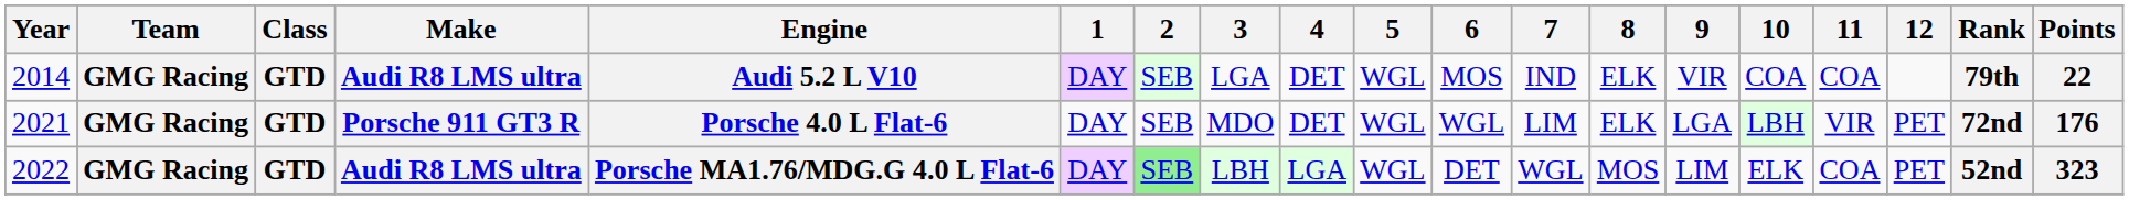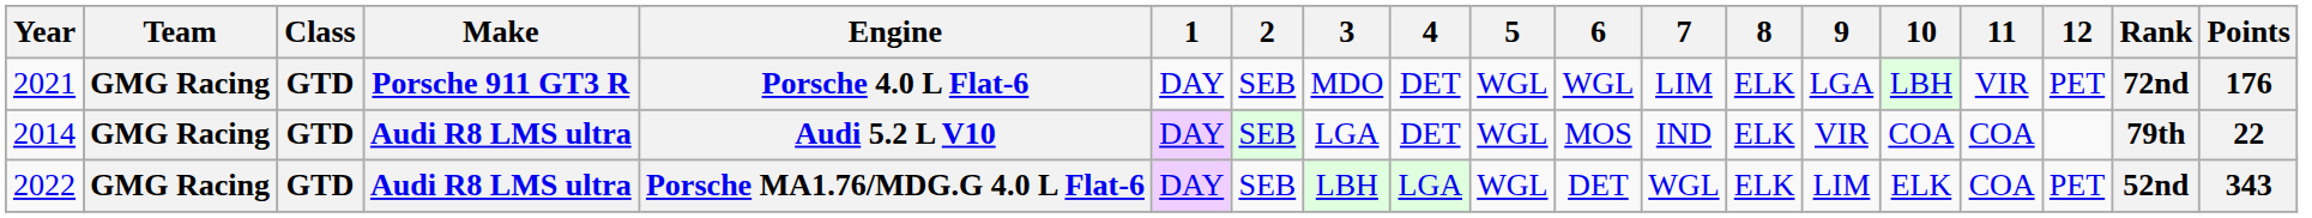 <table class="wikitable" style="text-align:center; font-size:90%">
 <tr>
 <th>Year</th>
 <th>Team</th>
 <th>Class</th>
 <th>Make</th>
 <th>Engine</th>
 <th>1</th>
 <th>2</th>
 <th>3</th>
 <th>4</th>
 <th>5</th>
 <th>6</th>
 <th>7</th>
 <th>8</th>
 <th>9</th>
 <th>10</th>
 <th>11</th>
 <th>12</th>
 <th>Rank</th>
 <th>Points</th>
 </tr>
 <tr>
+<td><a href='#'>2021</a></td>
+<th>GMG Racing</th>
+<th>GTD</th>
+<th><a href='#'>Porsche 911 GT3 R</a></th>
+<th><a href='#'>Porsche</a> 4.0 L <a href='#'>Flat-6</a></th>
+<td style="background:#;"><a href='#'>DAY</a><br></td>
+<td style="background:#;"><a href='#'>SEB</a><br></td>
+<td style="background:#;"><a href='#'>MDO</a><br></td>
+<td style="background:#;"><a href='#'>DET</a><br></td>
+<td style="background:#;"><a href='#'>WGL</a><br></td>
+<td style="background:#;"><a href='#'>WGL</a><br></td>
+<td style="background:#;"><a href='#'>LIM</a><br></td>
+<td style="background:#;"><a href='#'>ELK</a><br></td>
+<td style="background:#;"><a href='#'>LGA</a><br></td>
+<td style="background:#DFFFDF;"><a href='#'>LBH</a><br></td>
+<td style="background:#;"><a href='#'>VIR</a><br></td>
+<td style="background:#;"><a href='#'>PET</a><br></td>
+<th>72nd</th>
+<th>176</th>
+</tr>
+<tr>
 <td><a href='#'>2014</a></td>
 <th>GMG Racing</th>
 <th>GTD</th>
 <th><a href='#'>Audi R8 LMS ultra</a></th>
 <th><a href='#'>Audi</a> 5.2 L <a href='#'>V10</a></th>
 <td style="background:#EFCFFF;"><a href='#'>DAY</a><br></td>
 <td style="background:#DFFFDF;"><a href='#'>SEB</a><br></td>
 <td style="background:#;"><a href='#'>LGA</a> <br></td>
 <td style="background:#;"><a href='#'>DET</a> <br></td>
 <td style="background:#;"><a href='#'>WGL</a> <br></td>
 <td style="background:#;"><a href='#'>MOS</a> <br></td>
 <td style="background:#;"><a href='#'>IND</a> <br></td>
 <td style="background:#;"><a href='#'>ELK</a><br></td>
 <td style="background:#;"><a href='#'>VIR</a> <br></td>
 <td style="background:#;"><a href='#'>COA</a><br></td>
 <td style="background:#;"><a href='#'>COA</a><br></td>
 <td></td>
 <th>79th</th>
 <th>22</th>
 </tr>
 <tr>
-<td><a href='#'>2021</a></td>
-<th>GMG Racing</th>
-<th>GTD</th>
-<th><a href='#'>Porsche 911 GT3 R</a></th>
-<th><a href='#'>Porsche</a> 4.0 L <a href='#'>Flat-6</a></th>
-<td style="background:#;"><a href='#'>DAY</a><br></td>
-<td style="background:#;"><a href='#'>SEB</a><br></td>
-<td style="background:#;"><a href='#'>MDO</a><br></td>
-<td style="background:#;"><a href='#'>DET</a><br></td>
-<td style="background:#;"><a href='#'>WGL</a><br></td>
-<td style="background:#;"><a href='#'>WGL</a><br></td>
-<td style="background:#;"><a href='#'>LIM</a><br></td>
-<td style="background:#;"><a href='#'>ELK</a><br></td>
-<td style="background:#;"><a href='#'>LGA</a><br></td>
-<td style="background:#DFFFDF;"><a href='#'>LBH</a><br></td>
-<td style="background:#;"><a href='#'>VIR</a><br></td>
-<td style="background:#;"><a href='#'>PET</a><br></td>
-<th>72nd</th>
-<th>176</th>
-</tr>
-<tr>
 <td><a href='#'>2022</a></td>
 <th>GMG Racing</th>
 <th>GTD</th>
 <th><a href='#'>Audi R8 LMS ultra</a></th>
 <th><a href='#'>Porsche</a> MA1.76/MDG.G 4.0 L <a href='#'>Flat-6</a></th>
 <td style="background:#EFCFFF;"><a href='#'>DAY</a><br></td>
-<td style="background: lightgreen;"><a href='#'>SEB</a></td>
+<td><a href='#'>SEB</a></td>
 <td style="background:#DFFFDF;"><a href='#'>LBH</a><br></td>
 <td style="background:#DFFFDF;"><a href='#'>LGA</a><br></td>
 <td style="background:#;"><a href='#'>WGL</a><br></td>
 <td style="background:#;”"><a href='#'>DET</a><br></td>
 <td style="background:#;”"><a href='#'>WGL</a><br></td>
-<td style="background:#;”"><a href='#'>MOS</a><br></td>
+<td style="background:#;"><a href='#'>ELK</a><br></td>
 <td style="background:#;”"><a href='#'>LIM</a><br></td>
 <td style="background:#;”"><a href='#'>ELK</a><br></td>
 <td style="background:#;"><a href='#'>COA</a><br></td>
 <td style="background:#;”"><a href='#'>PET</a><br></td>
 <th>52nd</th>
-<th>323</th>
+<th>343</th>
 </tr>
 </table>
